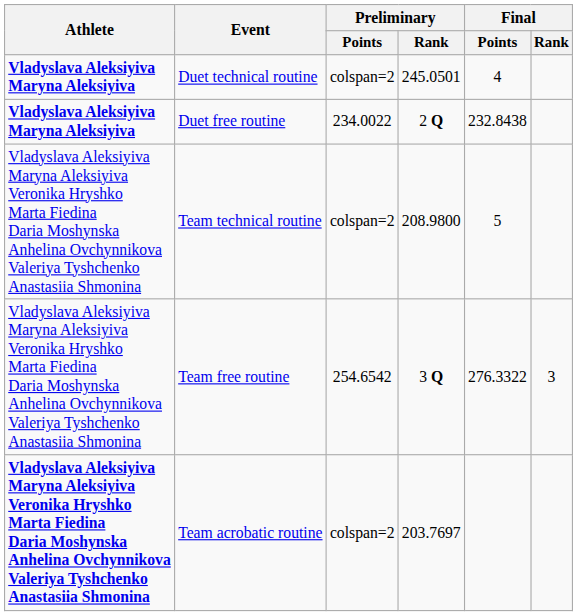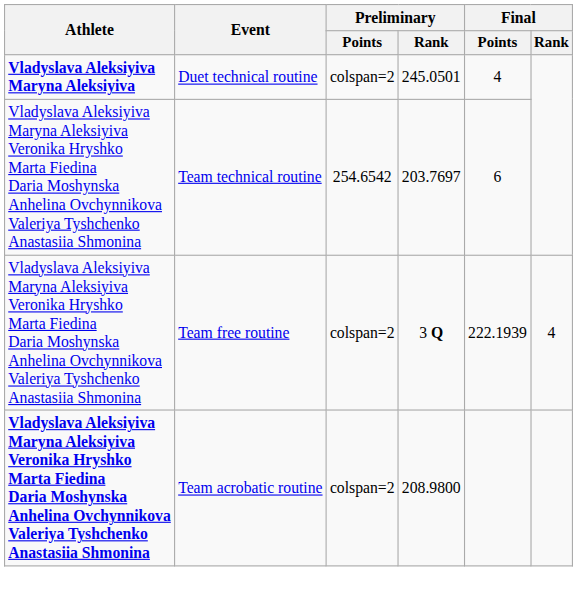 <table class="wikitable" style="font-size:90%">
 <tr>
 <th rowspan=2>Athlete</th>
 <th rowspan=2>Event</th>
 <th colspan=2>Preliminary</th>
 <th colspan=2>Final</th>
 </tr>
 <tr style="font-size:95%">
 <th>Points</th>
 <th>Rank</th>
 <th>Points</th>
 <th>Rank</th>
 </tr>
 <tr align=center>
 <td align=left><strong><a href='#'>Vladyslava Aleksiyiva</a><br><a href='#'>Maryna Aleksiyiva</a></strong></td>
 <td align=left><a href='#'>Duet technical routine</a></td>
 <td>colspan=2 </td>
 <td>245.0501</td>
 <td>4</td>
 </tr>
 <tr align=center>
-<td align=left><strong><a href='#'>Vladyslava Aleksiyiva</a><br><a href='#'>Maryna Aleksiyiva</a></strong></td>
-<td align=left><a href='#'>Duet free routine</a></td>
-<td>234.0022</td>
-<td>2 <strong>Q</strong></td>
-<td>232.8438</td>
-<td></td>
-</tr>
-<tr align=center>
 <td align=left><a href='#'>Vladyslava Aleksiyiva</a><br><a href='#'>Maryna Aleksiyiva</a><br><a href='#'>Veronika Hryshko</a><br><a href='#'>Marta Fiedina</a><br><a href='#'>Daria Moshynska</a><br><a href='#'>Anhelina Ovchynnikova</a><br><a href='#'>Valeriya Tyshchenko</a><br><a href='#'>Anastasiia Shmonina</a></td>
 <td align=left><a href='#'>Team technical routine</a></td>
-<td>colspan=2 </td>
-<td>208.9800</td>
-<td>5</td>
+<td>254.6542</td>
+<td>203.7697</td>
+<td>6</td>
 </tr>
 <tr align=center>
 <td align=left><a href='#'>Vladyslava Aleksiyiva</a><br><a href='#'>Maryna Aleksiyiva</a><br><a href='#'>Veronika Hryshko</a><br><a href='#'>Marta Fiedina</a><br><a href='#'>Daria Moshynska</a><br><a href='#'>Anhelina Ovchynnikova</a><br><a href='#'>Valeriya Tyshchenko</a><br><a href='#'>Anastasiia Shmonina</a></td>
 <td align=left><a href='#'>Team free routine</a></td>
-<td>254.6542</td>
+<td>colspan=2 </td>
 <td>3 <strong>Q</strong></td>
-<td>276.3322</td>
-<td>3</td>
+<td>222.1939</td>
+<td>4</td>
 </tr>
 <tr align=center>
 <td align=left><strong><a href='#'>Vladyslava Aleksiyiva</a><br><a href='#'>Maryna Aleksiyiva</a><br><a href='#'>Veronika Hryshko</a><br><a href='#'>Marta Fiedina</a><br><a href='#'>Daria Moshynska</a><br><a href='#'>Anhelina Ovchynnikova</a><br><a href='#'>Valeriya Tyshchenko</a><br><a href='#'>Anastasiia Shmonina</a></strong></td>
 <td align=left><a href='#'>Team acrobatic routine</a></td>
 <td>colspan=2 </td>
-<td>203.7697</td>
+<td>208.9800</td>
 <td></td>
 </tr>
 </table>
